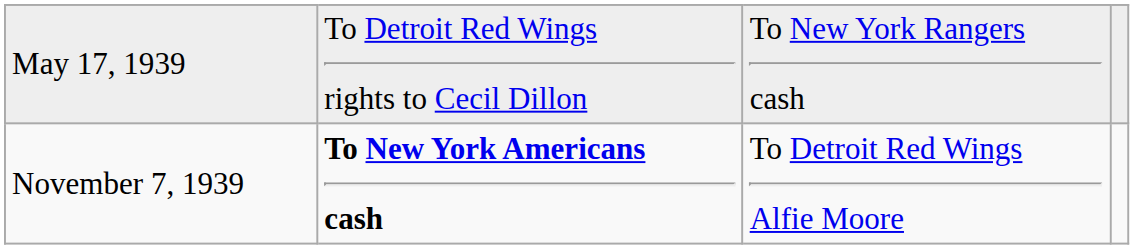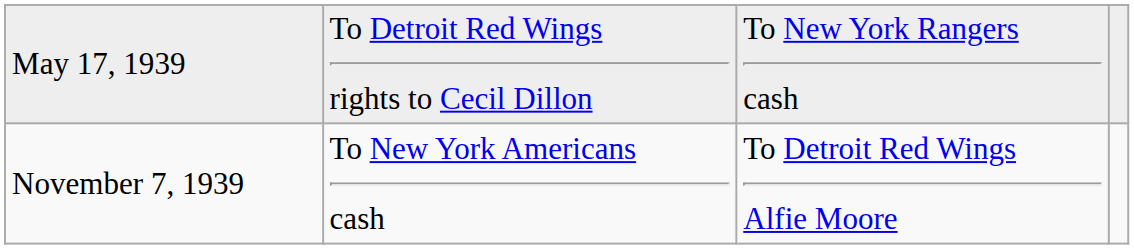 <table class="wikitable" style="border:1px solid #999999; width:580px;">
 <tr bgcolor="eeeeee">
 <td>May 17, 1939</td>
 <td valign="top">To <a href='#'>Detroit Red Wings</a><hr>rights to <a href='#'>Cecil Dillon</a></td>
 <td valign="top">To <a href='#'>New York Rangers</a><hr>cash</td>
 <td></td>
 </tr>
 <tr>
 <td>November 7, 1939</td>
-<td valign="top"><strong>To <a href='#'>New York Americans</a><hr>cash</strong></td>
+<td valign="top">To <a href='#'>New York Americans</a><hr>cash</td>
 <td valign="top">To <a href='#'>Detroit Red Wings</a><hr><a href='#'>Alfie Moore</a></td>
 <td></td>
 </tr>
 </table>
